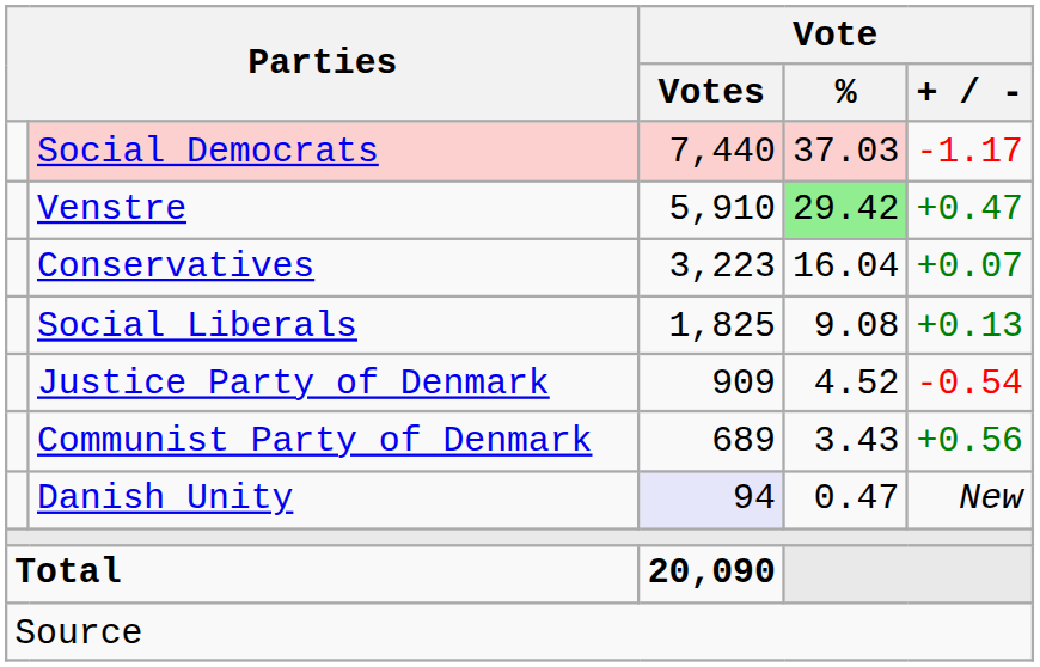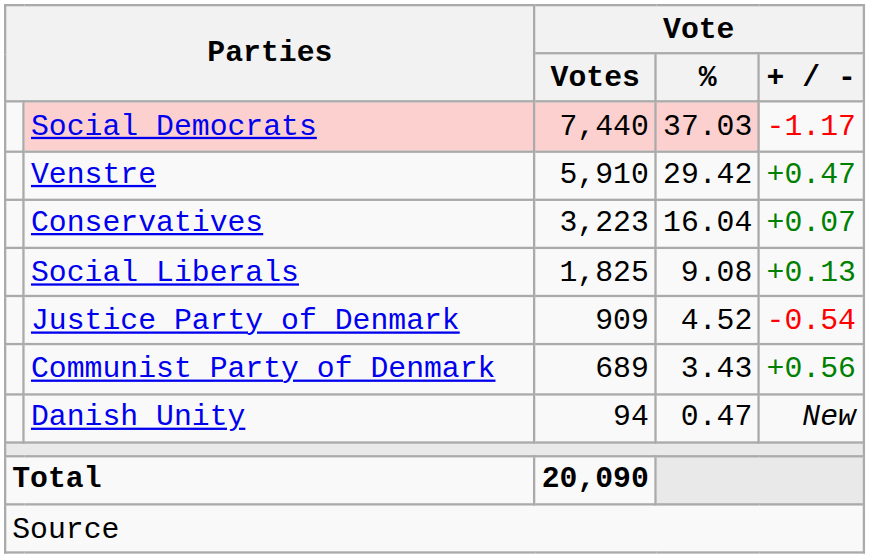 <table class="wikitable" style="text-align:right;">
 <tr>
 <th style="text-align:centre;" rowspan="2" colspan="2" width="225">Parties</th>
 <th colspan="3">Vote</th>
 </tr>
 <tr>
 <th width="15">Votes</th>
 <th width="15">%</th>
 <th width="15">+ / -</th>
 </tr>
 <tr>
 <td width="2" style="color:inherit;background:"></td>
 <td bgcolor=#fbd0ce  align="left"><a href='#'>Social Democrats</a></td>
 <td bgcolor=#fbd0ce>7,440</td>
 <td bgcolor=#fbd0ce>37.03</td>
 <td style=color:red;>-1.17</td>
 </tr>
 <tr>
 <td width="2" style="color:inherit;background:"></td>
 <td align="left"><a href='#'>Venstre</a></td>
 <td>5,910</td>
-<td style="background: lightgreen;">29.42</td>
+<td>29.42</td>
 <td style=color:green;>+0.47</td>
 </tr>
 <tr>
 <td width="2" style="color:inherit;background:"></td>
 <td align="left"><a href='#'>Conservatives</a></td>
 <td>3,223</td>
 <td>16.04</td>
 <td style=color:green;>+0.07</td>
 </tr>
 <tr>
 <td width="2" style="color:inherit;background:"></td>
 <td align="left"><a href='#'>Social Liberals</a></td>
 <td>1,825</td>
 <td>9.08</td>
 <td style=color:green;>+0.13</td>
 </tr>
 <tr>
 <td width="2" style="color:inherit;background:"></td>
 <td align="left"><a href='#'>Justice Party of Denmark</a></td>
 <td>909</td>
 <td>4.52</td>
 <td style=color:red;>-0.54</td>
 </tr>
 <tr>
 <td width="2" style="color:inherit;background:"></td>
 <td align="left"><a href='#'>Communist Party of Denmark</a></td>
 <td>689</td>
 <td>3.43</td>
 <td style=color:green;>+0.56</td>
 </tr>
 <tr>
 <td width="2" style="color:inherit;background:"></td>
 <td align="left"><a href='#'>Danish Unity</a></td>
-<td style="background: lavender;">94</td>
+<td>94</td>
 <td>0.47</td>
 <td><em>New</em></td>
 </tr>
 <tr>
 <td colspan="7" bgcolor="#E9E9E9"></td>
 </tr>
 <tr>
 <td align="left" colspan="2"><strong>Total</strong></td>
 <td><strong>20,090</strong></td>
 <td bgcolor="#E9E9E9" colspan="2"></td>
 </tr>
 <tr>
 <td align="left" colspan="6">Source</td>
 </tr>
 </table>
